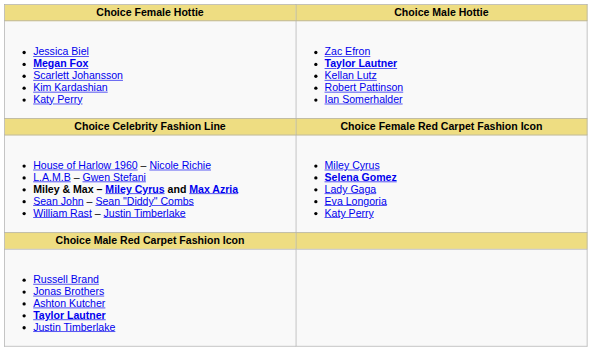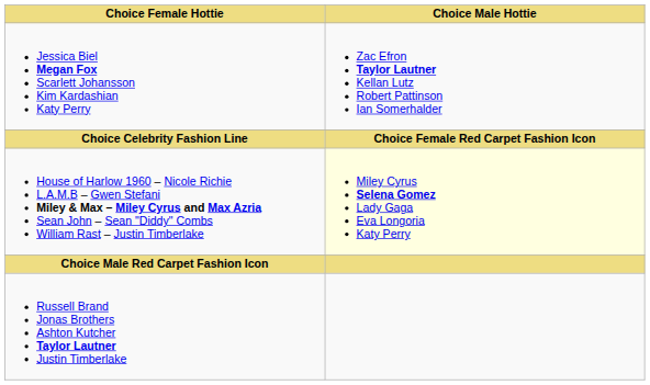 <table class="wikitable" style="width:100%">
 <tr>
 <th style="background:#EEDD82; width:50%">Choice Female Hottie</th>
 <th style="background:#EEDD82; width:50%">Choice Male Hottie</th>
 </tr>
 <tr>
 <td valign="top"><br><ul><li><a href='#'>Jessica Biel</a></li><li><strong><a href='#'>Megan Fox</a></strong></li><li><a href='#'>Scarlett Johansson</a></li><li><a href='#'>Kim Kardashian</a></li><li><a href='#'>Katy Perry</a></li></ul></td>
 <td valign="top"><br><ul><li><a href='#'>Zac Efron</a></li><li><strong><a href='#'>Taylor Lautner</a></strong></li><li><a href='#'>Kellan Lutz</a></li><li><a href='#'>Robert Pattinson</a></li><li><a href='#'>Ian Somerhalder</a></li></ul></td>
 </tr>
 <tr>
 <th style="background:#EEDD82;">Choice Celebrity Fashion Line</th>
 <th style="background:#EEDD82;">Choice Female Red Carpet Fashion Icon</th>
 </tr>
 <tr>
 <td valign="top"><br><ul><li><a href='#'>House of Harlow 1960</a> – <a href='#'>Nicole Richie</a></li><li><a href='#'>L.A.M.B</a> – <a href='#'>Gwen Stefani</a></li><li><strong>Miley & Max – <a href='#'>Miley Cyrus</a> and <a href='#'>Max Azria</a></strong></li><li><a href='#'>Sean John</a> – <a href='#'>Sean "Diddy" Combs</a></li><li><a href='#'>William Rast</a> – <a href='#'>Justin Timberlake</a></li></ul></td>
-<td valign="top"><br><ul><li><a href='#'>Miley Cyrus</a></li><li><strong><a href='#'>Selena Gomez</a></strong></li><li><a href='#'>Lady Gaga</a></li><li><a href='#'>Eva Longoria</a></li><li><a href='#'>Katy Perry</a></li></ul></td>
+<td valign="top" style="background: lightyellow;"><br><ul><li><a href='#'>Miley Cyrus</a></li><li><strong><a href='#'>Selena Gomez</a></strong></li><li><a href='#'>Lady Gaga</a></li><li><a href='#'>Eva Longoria</a></li><li><a href='#'>Katy Perry</a></li></ul></td>
 </tr>
 <tr>
 <th style="background:#EEDD82; width:50%">Choice Male Red Carpet Fashion Icon</th>
 <th style="background:#EEDD82; width:50%"></th>
 </tr>
 <tr>
 <td valign="top"><br><ul><li><a href='#'>Russell Brand</a></li><li><a href='#'>Jonas Brothers</a></li><li><a href='#'>Ashton Kutcher</a></li><li><strong><a href='#'>Taylor Lautner</a></strong></li><li><a href='#'>Justin Timberlake</a></li></ul></td>
 <td valign="top"></td>
 </tr>
 </table>
